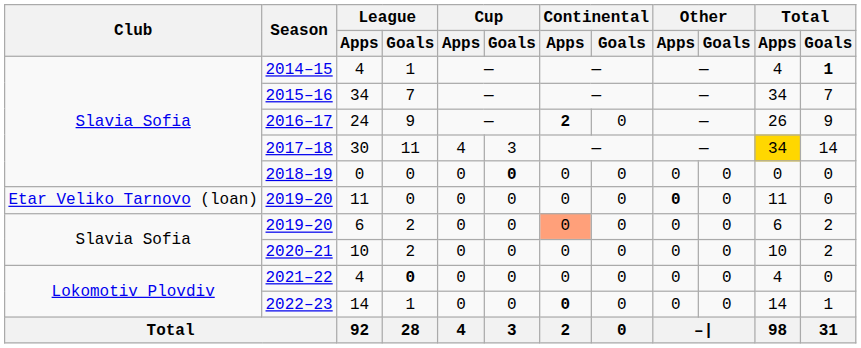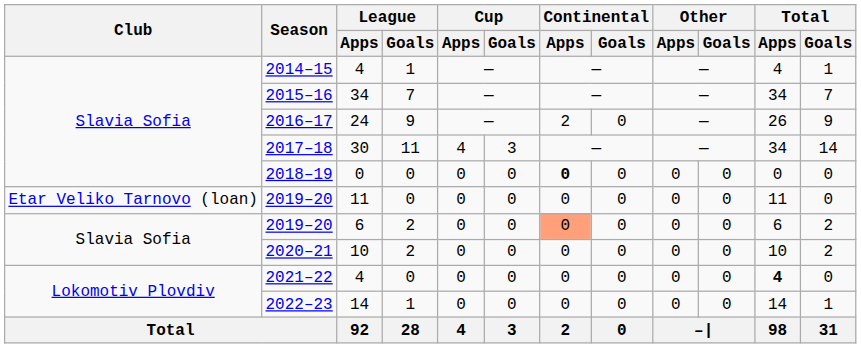 <table class="wikitable" style="text-align:center">
 <tr>
 <th rowspan="2">Club</th>
 <th rowspan="2">Season</th>
 <th colspan="2">League</th>
 <th colspan="2">Cup</th>
 <th colspan="2">Continental</th>
 <th colspan="2">Other</th>
 <th colspan="2">Total</th>
 </tr>
 <tr>
 <th>Apps</th>
 <th>Goals</th>
 <th>Apps</th>
 <th>Goals</th>
 <th>Apps</th>
 <th>Goals</th>
 <th>Apps</th>
 <th>Goals</th>
 <th>Apps</th>
 <th>Goals</th>
 </tr>
 <tr>
 <td rowspan="5"><a href='#'>Slavia Sofia</a></td>
 <td><a href='#'>2014–15</a></td>
 <td>4</td>
 <td>1</td>
 <td colspan="2">—</td>
 <td colspan="2">—</td>
 <td colspan="2">—</td>
 <td>4</td>
-<td><strong>1</strong></td>
+<td>1</td>
 </tr>
 <tr>
 <td><a href='#'>2015–16</a></td>
 <td>34</td>
 <td>7</td>
 <td colspan="2">—</td>
 <td colspan="2">—</td>
 <td colspan="2">—</td>
 <td>34</td>
 <td>7</td>
 </tr>
 <tr>
 <td><a href='#'>2016–17</a></td>
 <td>24</td>
 <td>9</td>
 <td colspan="2">—</td>
-<td><strong>2</strong></td>
+<td>2</td>
 <td>0</td>
 <td colspan="2">—</td>
 <td>26</td>
 <td>9</td>
 </tr>
 <tr>
 <td><a href='#'>2017–18</a></td>
 <td>30</td>
 <td>11</td>
 <td>4</td>
 <td>3</td>
 <td colspan="2">—</td>
 <td colspan="2">—</td>
-<td style="background: gold;">34</td>
+<td>34</td>
 <td>14</td>
 </tr>
 <tr>
 <td><a href='#'>2018–19</a></td>
 <td>0</td>
 <td>0</td>
 <td>0</td>
+<td>0</td>
 <td><strong>0</strong></td>
-<td>0</td>
 <td>0</td>
 <td>0</td>
 <td>0</td>
 <td>0</td>
 <td>0</td>
 </tr>
 <tr>
 <td><a href='#'>Etar Veliko Tarnovo</a> (loan)</td>
 <td><a href='#'>2019–20</a></td>
 <td>11</td>
 <td>0</td>
 <td>0</td>
 <td>0</td>
 <td>0</td>
 <td>0</td>
-<td><strong>0</strong></td>
+<td>0</td>
 <td>0</td>
 <td>11</td>
 <td>0</td>
 </tr>
 <tr>
 <td rowspan="2">Slavia Sofia</td>
 <td><a href='#'>2019–20</a></td>
 <td>6</td>
 <td>2</td>
 <td>0</td>
 <td>0</td>
 <td style="background: lightsalmon;">0</td>
 <td>0</td>
 <td>0</td>
 <td>0</td>
 <td>6</td>
 <td>2</td>
 </tr>
 <tr>
 <td><a href='#'>2020–21</a></td>
 <td>10</td>
 <td>2</td>
 <td>0</td>
 <td>0</td>
 <td>0</td>
 <td>0</td>
 <td>0</td>
 <td>0</td>
 <td>10</td>
 <td>2</td>
 </tr>
 <tr>
 <td rowspan="2"><a href='#'>Lokomotiv Plovdiv</a></td>
 <td><a href='#'>2021–22</a></td>
 <td>4</td>
-<td><strong>0</strong></td>
 <td>0</td>
 <td>0</td>
 <td>0</td>
 <td>0</td>
 <td>0</td>
 <td>0</td>
-<td>4</td>
+<td>0</td>
+<td><strong>4</strong></td>
 <td>0</td>
 </tr>
 <tr>
 <td><a href='#'>2022–23</a></td>
 <td>14</td>
 <td>1</td>
 <td>0</td>
 <td>0</td>
-<td><strong>0</strong></td>
+<td>0</td>
 <td>0</td>
 <td>0</td>
 <td>0</td>
 <td>14</td>
 <td>1</td>
 </tr>
 <tr>
 <th colspan="2">Total</th>
 <th>92</th>
 <th>28</th>
 <th>4</th>
 <th>3</th>
 <th>2</th>
 <th>0</th>
 <th colspan="2">–|</th>
 <th>98</th>
 <th>31</th>
 </tr>
 </table>
